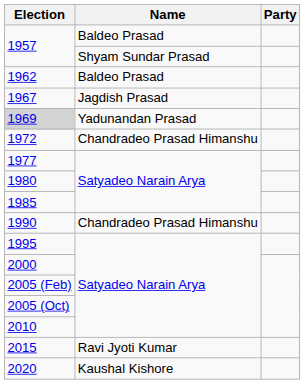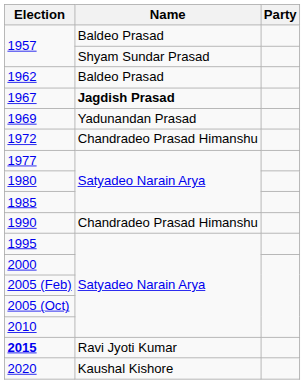 <table class="wikitable sortable">
 <tr>
 <th>Election</th>
 <th>Name</th>
 <th colspan="2">Party</th>
 </tr>
 <tr>
 <td rowspan="2"><a href='#'>1957</a></td>
 <td>Baldeo Prasad</td>
 <td></td>
 </tr>
 <tr>
 <td>Shyam Sundar Prasad</td>
 <td></td>
 </tr>
 <tr>
 <td><a href='#'>1962</a></td>
 <td>Baldeo Prasad</td>
 <td></td>
 </tr>
 <tr>
 <td><a href='#'>1967</a></td>
-<td>Jagdish Prasad</td>
+<td><strong>Jagdish Prasad</strong></td>
 <td></td>
 </tr>
 <tr>
-<td style="background: lightgrey;"><a href='#'>1969</a></td>
+<td><a href='#'>1969</a></td>
 <td>Yadunandan Prasad</td>
 </tr>
 <tr>
 <td><a href='#'>1972</a></td>
 <td>Chandradeo Prasad Himanshu</td>
 <td></td>
 </tr>
 <tr>
 <td><a href='#'>1977</a></td>
 <td rowspan="3"><a href='#'>Satyadeo Narain Arya</a></td>
 <td></td>
 </tr>
 <tr>
 <td><a href='#'>1980</a></td>
 <td></td>
 </tr>
 <tr>
 <td><a href='#'>1985</a></td>
 </tr>
 <tr>
 <td><a href='#'>1990</a></td>
 <td>Chandradeo Prasad Himanshu</td>
 <td></td>
 </tr>
 <tr>
 <td><a href='#'>1995</a></td>
 <td rowspan="5"><a href='#'>Satyadeo Narain Arya</a></td>
 <td></td>
 </tr>
 <tr>
 <td><a href='#'>2000</a></td>
 </tr>
 <tr>
 <td><a href='#'>2005 (Feb)</a></td>
 </tr>
 <tr>
 <td><a href='#'>2005 (Oct)</a></td>
 </tr>
 <tr>
 <td><a href='#'>2010</a></td>
 </tr>
 <tr>
-<td><a href='#'>2015</a></td>
+<td><strong><a href='#'>2015</a></strong></td>
 <td>Ravi Jyoti Kumar</td>
 <td></td>
 </tr>
 <tr>
 <td><a href='#'>2020</a></td>
 <td>Kaushal Kishore</td>
 </tr>
 </table>
